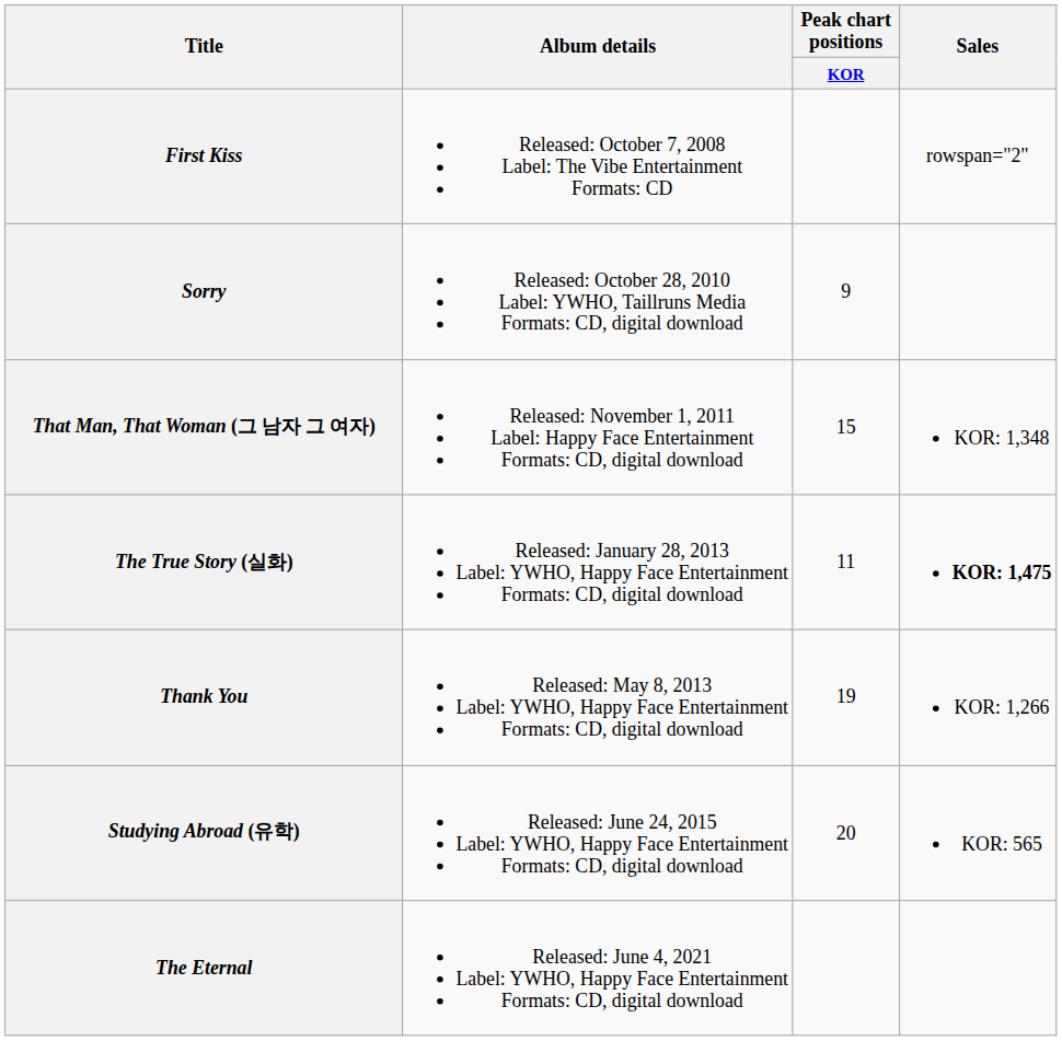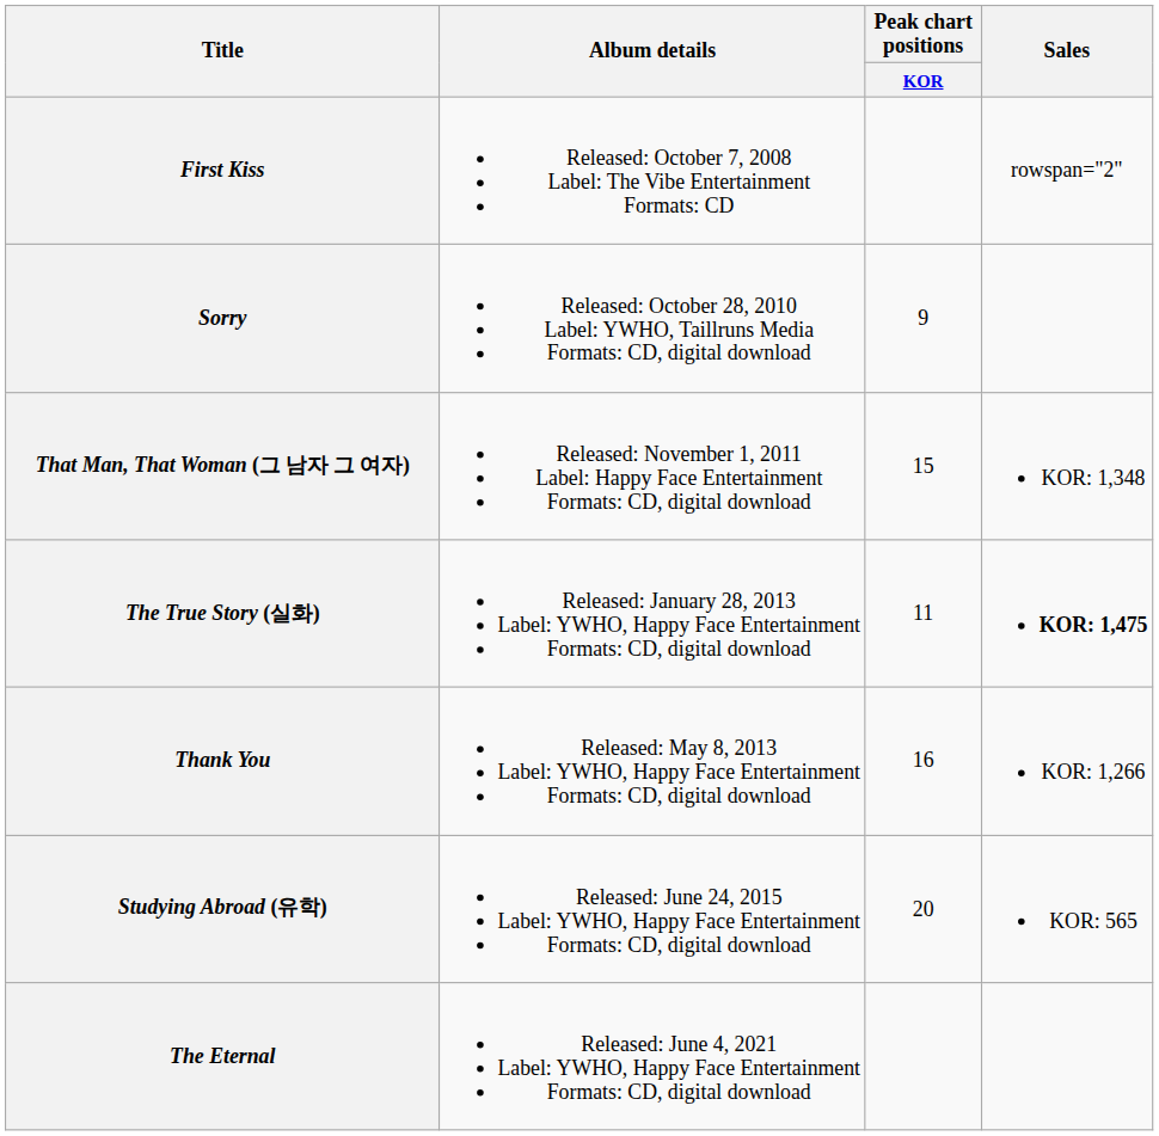 <table class="wikitable plainrowheaders" style="text-align:center;">
 <tr>
 <th scope="col" rowspan="2" style="width:20em;">Title</th>
 <th scope="col" rowspan="2">Album details</th>
 <th scope="col" colspan="1" style="width:5em;">Peak chart positions</th>
 <th scope="col" rowspan="2">Sales</th>
 </tr>
 <tr>
 <th><small><a href='#'>KOR</a></small><br></th>
 </tr>
 <tr>
 <th scope="row"><em>First Kiss</em></th>
 <td><br><ul><li>Released: October 7, 2008</li><li>Label: The Vibe Entertainment</li><li>Formats: CD</li></ul></td>
 <td></td>
 <td>rowspan="2" </td>
 </tr>
 <tr>
 <th scope="row"><em>Sorry</em></th>
 <td><br><ul><li>Released: October 28, 2010</li><li>Label: YWHO, Taillruns Media</li><li>Formats: CD, digital download</li></ul></td>
 <td>9</td>
 </tr>
 <tr>
 <th scope="row"><em>That Man, That Woman</em> (그 남자 그 여자)<br></th>
 <td><br><ul><li>Released: November 1, 2011</li><li>Label: Happy Face Entertainment</li><li>Formats: CD, digital download</li></ul></td>
 <td>15</td>
 <td><br><ul><li>KOR: 1,348</li></ul></td>
 </tr>
 <tr>
 <th scope="row"><em>The True Story</em> (실화)</th>
 <td><br><ul><li>Released: January 28, 2013</li><li>Label: YWHO, Happy Face Entertainment</li><li>Formats: CD, digital download</li></ul></td>
 <td>11</td>
 <td><strong><br><ul><li>KOR: 1,475</li></ul></strong></td>
 </tr>
 <tr>
 <th scope="row"><em>Thank You</em></th>
 <td><br><ul><li>Released: May 8, 2013</li><li>Label: YWHO, Happy Face Entertainment</li><li>Formats: CD, digital download</li></ul></td>
-<td>19</td>
+<td>16</td>
 <td><br><ul><li>KOR: 1,266</li></ul></td>
 </tr>
 <tr>
 <th scope="row"><em>Studying Abroad</em> (유학)</th>
 <td><br><ul><li>Released: June 24, 2015</li><li>Label: YWHO, Happy Face Entertainment</li><li>Formats: CD, digital download</li></ul></td>
 <td>20</td>
 <td><br><ul><li>KOR: 565</li></ul></td>
 </tr>
 <tr>
 <th scope="row"><em>The Eternal</em></th>
 <td><br><ul><li>Released: June 4, 2021</li><li>Label: YWHO, Happy Face Entertainment</li><li>Formats: CD, digital download</li></ul></td>
 <td></td>
 <td></td>
 </tr>
 </table>
